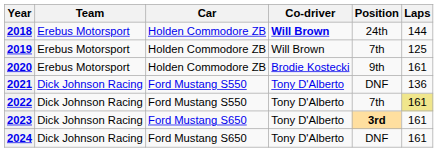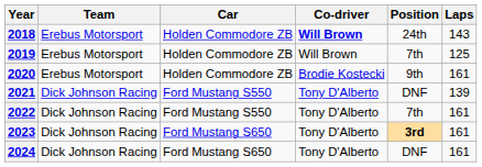 <table class="wikitable" style="font-size: 95%;">
 <tr>
 <th>Year</th>
 <th>Team</th>
 <th>Car</th>
 <th>Co-driver</th>
 <th>Position</th>
 <th>Laps</th>
 </tr>
 <tr>
 <th><a href='#'>2018</a></th>
 <td><a href='#'>Erebus Motorsport</a></td>
 <td><a href='#'>Holden Commodore ZB</a></td>
 <td><strong> <a href='#'>Will Brown</a></strong></td>
 <td align="center">24th</td>
-<td align="center">144</td>
+<td align="center">143</td>
 </tr>
 <tr>
 <th><a href='#'>2019</a></th>
 <td>Erebus Motorsport</td>
 <td>Holden Commodore ZB</td>
 <td> Will Brown</td>
 <td align="center">7th</td>
 <td align="center">125</td>
 </tr>
 <tr>
 <th><a href='#'>2020</a></th>
 <td>Erebus Motorsport</td>
 <td>Holden Commodore ZB</td>
 <td> <a href='#'>Brodie Kostecki</a></td>
 <td align="center">9th</td>
 <td align="center">161</td>
 </tr>
 <tr>
 <th><a href='#'>2021</a></th>
 <td><a href='#'>Dick Johnson Racing</a></td>
 <td><a href='#'>Ford Mustang S550</a></td>
 <td> <a href='#'>Tony D'Alberto</a></td>
 <td align="center">DNF</td>
-<td align="center">136</td>
+<td align="center">139</td>
 </tr>
 <tr>
 <th><a href='#'>2022</a></th>
 <td>Dick Johnson Racing</td>
 <td>Ford Mustang S550</td>
 <td> Tony D'Alberto</td>
 <td align="center">7th</td>
-<td align="center" style="background: khaki;">161</td>
+<td align="center">161</td>
 </tr>
 <tr>
 <th><a href='#'>2023</a></th>
 <td>Dick Johnson Racing</td>
 <td><a href='#'>Ford Mustang S650</a></td>
 <td> Tony D'Alberto</td>
 <td align="center" style="background: #ffdf9f"><strong>3rd</strong></td>
 <td align="center">161</td>
 </tr>
 <tr>
 <th><a href='#'>2024</a></th>
 <td>Dick Johnson Racing</td>
 <td>Ford Mustang S650</td>
 <td> Tony D'Alberto</td>
 <td align="center">DNF</td>
 <td align="center">161</td>
 </tr>
 </table>
